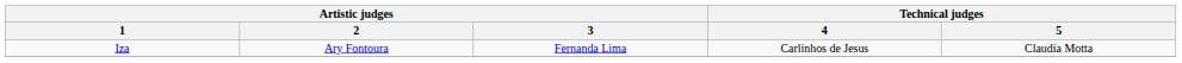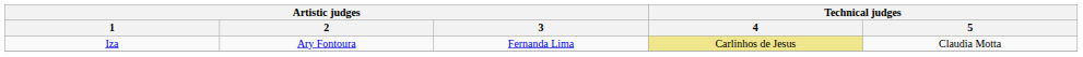 <table class="wikitable" style="font-size:100%; line-height:16px; text-align:center" width="100%">
 <tr TBA>
 <th colspan=3>Artistic judges</th>
 <th colspan=2>Technical judges</th>
 </tr>
 <tr>
 <th width="20.0%">1</th>
 <th width="20.0%">2</th>
 <th width="20.0%">3</th>
 <th width="20.0%">4</th>
 <th width="20.0%">5</th>
 </tr>
 <tr>
 <td><a href='#'>Iza</a></td>
 <td><a href='#'>Ary Fontoura</a></td>
 <td><a href='#'>Fernanda Lima</a></td>
-<td>Carlinhos de Jesus</td>
+<td style="background: khaki;">Carlinhos de Jesus</td>
 <td>Claudia Motta</td>
 </tr>
 <tr>
 </tr>
 </table>
